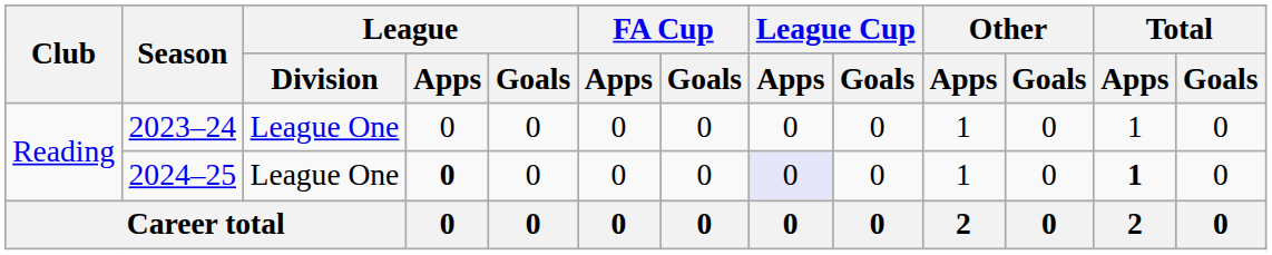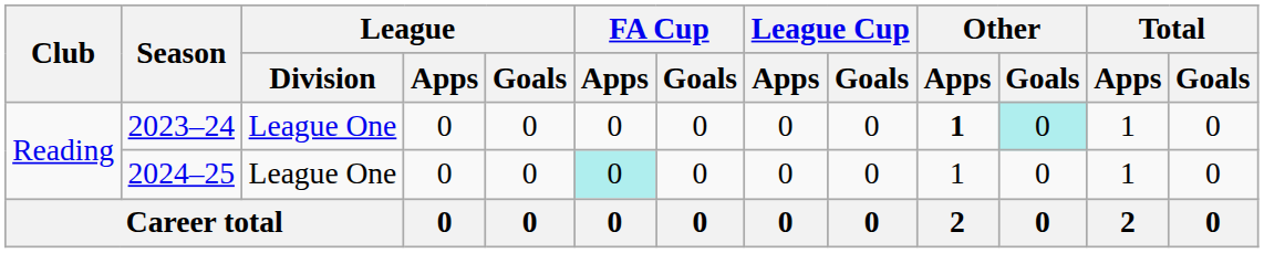 <table class="wikitable" style="text-align:center">
 <tr>
 <th rowspan="2">Club</th>
 <th rowspan="2">Season</th>
 <th colspan="3">League</th>
 <th colspan="2"><a href='#'>FA Cup</a></th>
 <th colspan="2"><a href='#'>League Cup</a></th>
 <th colspan="2">Other</th>
 <th colspan="2">Total</th>
 </tr>
 <tr>
 <th>Division</th>
 <th>Apps</th>
 <th>Goals</th>
 <th>Apps</th>
 <th>Goals</th>
 <th>Apps</th>
 <th>Goals</th>
 <th>Apps</th>
 <th>Goals</th>
 <th>Apps</th>
 <th>Goals</th>
 </tr>
 <tr>
 <td rowspan="2"><a href='#'>Reading</a></td>
 <td><a href='#'>2023–24</a></td>
 <td><a href='#'>League One</a></td>
 <td>0</td>
 <td>0</td>
 <td>0</td>
 <td>0</td>
 <td>0</td>
 <td>0</td>
-<td>1</td>
-<td>0</td>
+<td><strong>1</strong></td>
+<td style="background: paleturquoise;">0</td>
 <td>1</td>
 <td>0</td>
 </tr>
 <tr>
 <td><a href='#'>2024–25</a></td>
 <td>League One</td>
-<td><strong>0</strong></td>
+<td>0</td>
+<td>0</td>
+<td style="background: paleturquoise;">0</td>
 <td>0</td>
 <td>0</td>
 <td>0</td>
-<td style="background: lavender;">0</td>
+<td>1</td>
 <td>0</td>
 <td>1</td>
-<td>0</td>
-<td><strong>1</strong></td>
 <td>0</td>
 </tr>
 <tr>
 <th colspan=3>Career total</th>
 <th>0</th>
 <th>0</th>
 <th>0</th>
 <th>0</th>
 <th>0</th>
 <th>0</th>
 <th>2</th>
 <th>0</th>
 <th>2</th>
 <th>0</th>
 </tr>
 </table>
